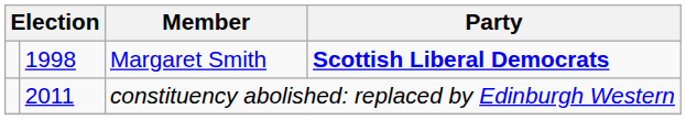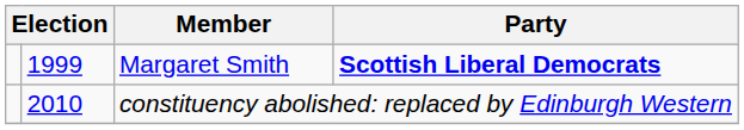 <table class="wikitable">
 <tr>
 <th colspan="2">Election</th>
 <th>Member</th>
 <th>Party</th>
 </tr>
 <tr>
 <td style="background-color: "></td>
-<td><a href='#'>1998</a></td>
+<td><a href='#'>1999</a></td>
 <td><a href='#'>Margaret Smith</a></td>
 <td><strong><a href='#'>Scottish Liberal Democrats</a></strong></td>
 </tr>
 <tr>
 <td style="background-color:"></td>
-<td><a href='#'>2011</a></td>
+<td><a href='#'>2010</a></td>
 <td colspan="3"><em>constituency abolished: replaced by <a href='#'>Edinburgh Western</a></em></td>
 </tr>
 <tr>
 </tr>
 </table>
